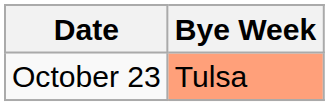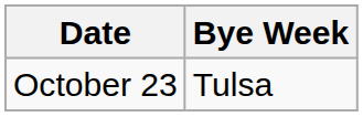 <table class="wikitable" style="font-size:95%;">
 <tr>
 <th>Date</th>
 <th colspan="1">Bye Week</th>
 </tr>
 <tr>
 <td>October 23</td>
-<td style="background: lightsalmon;">Tulsa</td>
+<td>Tulsa</td>
 </tr>
 </table>
